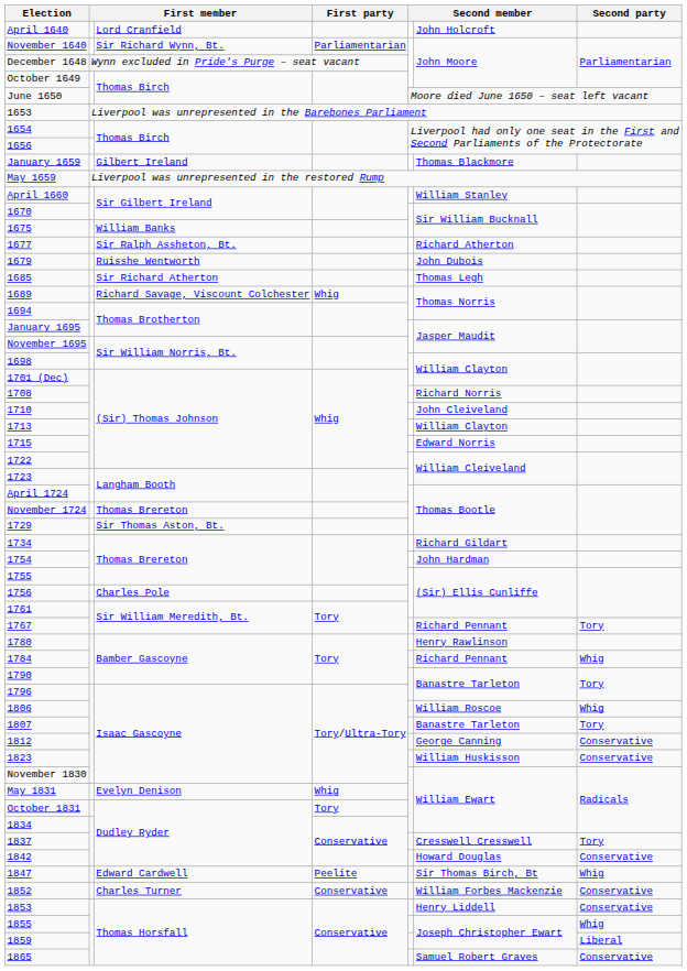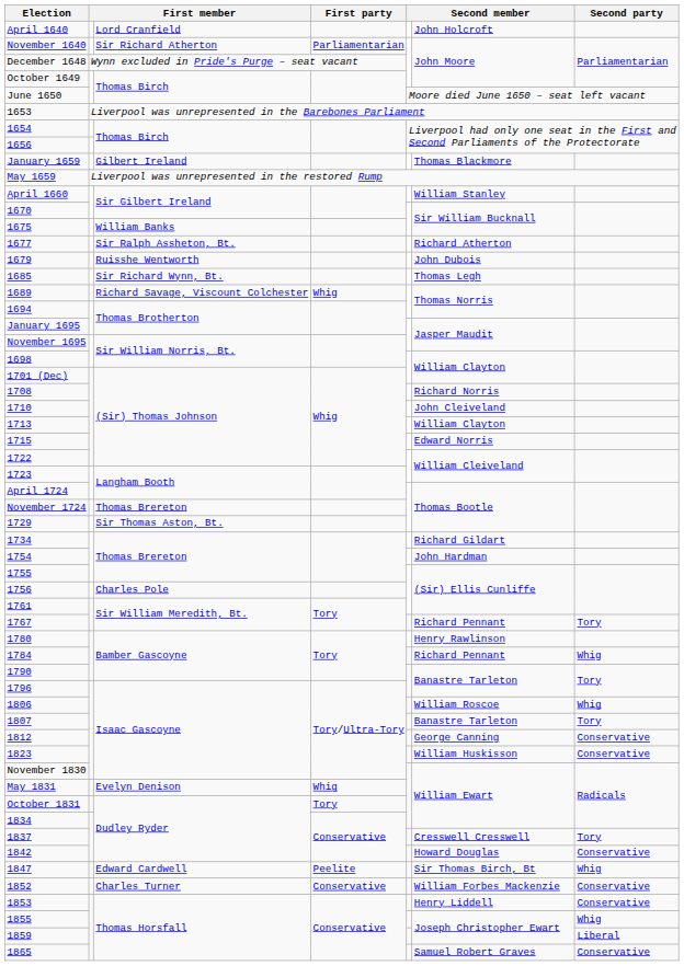 <table class="wikitable">
 <tr>
 <th>Election</th>
 <th colspan="2">First member</th>
 <th>First party</th>
 <th colspan="2">Second member</th>
 <th>Second party</th>
 </tr>
 <tr>
 <td><a href='#'>April 1640</a></td>
 <td style="color:inherit;background-color: white"></td>
 <td><a href='#'>Lord Cranfield</a></td>
 <td></td>
 <td style="color:inherit;background-color: white"></td>
 <td><a href='#'>John Holcroft</a></td>
 <td></td>
 </tr>
 <tr>
 <td><a href='#'>November 1640</a></td>
 <td style="color:inherit;background-color: white"></td>
-<td><a href='#'>Sir Richard Wynn, Bt.</a></td>
+<td><a href='#'>Sir Richard Atherton</a></td>
 <td><a href='#'>Parliamentarian</a></td>
 <td rowspan="3" style="color:inherit;background-color: white"></td>
 <td rowspan="3"><a href='#'>John Moore</a></td>
 <td rowspan="3"><a href='#'>Parliamentarian</a></td>
 </tr>
 <tr>
 <td>December 1648</td>
 <td colspan="3"><em>Wynn excluded in <a href='#'>Pride's Purge</a> – seat vacant</em></td>
 </tr>
 <tr>
 <td>October 1649</td>
 <td rowspan="2" style="color:inherit;background-color: white"></td>
 <td rowspan="2"><a href='#'>Thomas Birch</a></td>
 <td rowspan="2"></td>
 </tr>
 <tr>
 <td>June 1650</td>
 <td colspan="3"><em>Moore died June 1650 – seat left vacant</em></td>
 </tr>
 <tr>
 <td>1653</td>
 <td colspan="6"><em>Liverpool was unrepresented in the <a href='#'>Barebones Parliament</a></em></td>
 </tr>
 <tr>
 <td><a href='#'>1654</a></td>
 <td style="color:inherit;background-color: white"></td>
 <td rowspan="2"><a href='#'>Thomas Birch</a></td>
 <td rowspan="2"></td>
 <td rowspan="2" colspan="3"><em>Liverpool had only one seat in the <a href='#'>First</a> and <br><a href='#'>Second</a> Parliaments of the Protectorate</em></td>
 </tr>
 <tr>
 <td><a href='#'>1656</a></td>
 <td style="color:inherit;background-color: white"></td>
 </tr>
 <tr>
 <td><a href='#'>January 1659</a></td>
 <td style="color:inherit;background-color: white"></td>
 <td><a href='#'>Gilbert Ireland</a></td>
 <td></td>
 <td style="color:inherit;background-color: white"></td>
 <td><a href='#'>Thomas Blackmore</a></td>
 <td></td>
 </tr>
 <tr>
 <td><a href='#'>May 1659</a></td>
 <td colspan="6"><em>Liverpool was unrepresented in the restored <a href='#'>Rump</a></em></td>
 </tr>
 <tr>
 <td><a href='#'>April 1660</a></td>
 <td rowspan="2" style="color:inherit;background-color: white"></td>
 <td rowspan="2"><a href='#'>Sir Gilbert Ireland</a></td>
 <td rowspan="2"></td>
 <td style="color:inherit;background-color: white"></td>
 <td><a href='#'>William Stanley</a></td>
 <td></td>
 </tr>
 <tr>
 <td><a href='#'>1670</a></td>
 <td rowspan="2" style="color:inherit;background-color: white"></td>
 <td rowspan="2"><a href='#'>Sir William Bucknall</a></td>
 <td rowspan="2"></td>
 </tr>
 <tr>
 <td><a href='#'>1675</a></td>
 <td style="color:inherit;background-color: white"></td>
 <td><a href='#'>William Banks</a></td>
 <td></td>
 </tr>
 <tr>
 <td><a href='#'>1677</a></td>
 <td style="color:inherit;background-color: white"></td>
 <td><a href='#'>Sir Ralph Assheton, Bt.</a></td>
 <td></td>
 <td style="color:inherit;background-color: white"></td>
 <td><a href='#'>Richard Atherton</a></td>
 <td></td>
 </tr>
 <tr>
 <td><a href='#'>1679</a></td>
 <td style="color:inherit;background-color: white"></td>
 <td><a href='#'>Ruisshe Wentworth</a></td>
 <td></td>
 <td style="color:inherit;background-color: white"></td>
 <td><a href='#'>John Dubois</a></td>
 <td></td>
 </tr>
 <tr>
 <td><a href='#'>1685</a></td>
 <td style="color:inherit;background-color: white"></td>
-<td><a href='#'>Sir Richard Atherton</a></td>
+<td><a href='#'>Sir Richard Wynn, Bt.</a></td>
 <td></td>
 <td style="color:inherit;background-color: white"></td>
 <td><a href='#'>Thomas Legh</a></td>
 <td></td>
 </tr>
 <tr>
 <td><a href='#'>1689</a></td>
 <td style="color:inherit;background-color: "></td>
 <td><a href='#'>Richard Savage, Viscount Colchester</a></td>
 <td><a href='#'>Whig</a></td>
 <td rowspan="2" style="color:inherit;background-color: white"></td>
 <td rowspan="2"><a href='#'>Thomas Norris</a></td>
 <td rowspan="2"></td>
 </tr>
 <tr>
 <td><a href='#'>1694</a></td>
 <td rowspan="2" style="color:inherit;background-color: white"></td>
 <td rowspan="2"><a href='#'>Thomas Brotherton</a></td>
 <td rowspan="2"></td>
 </tr>
 <tr>
 <td><a href='#'>January 1695</a></td>
 <td rowspan="2" style="color:inherit;background-color: white"></td>
 <td rowspan="2"><a href='#'>Jasper Maudit</a></td>
 <td rowspan="2"></td>
 </tr>
 <tr>
 <td><a href='#'>November 1695</a></td>
 <td rowspan="2" style="color:inherit;background-color: white"></td>
 <td rowspan="2"><a href='#'>Sir William Norris, Bt.</a></td>
 <td rowspan="2"></td>
 </tr>
 <tr>
 <td><a href='#'>1698</a></td>
 <td rowspan="2" style="color:inherit;background-color: white"></td>
 <td rowspan="2"><a href='#'>William Clayton</a></td>
 <td rowspan="2"></td>
 </tr>
 <tr>
 <td><a href='#'>1701 (Dec)</a></td>
 <td rowspan="6" style="color:inherit;background-color: "></td>
 <td rowspan="6"><a href='#'>(Sir) Thomas Johnson</a></td>
 <td rowspan="6"><a href='#'>Whig</a></td>
 </tr>
 <tr>
 <td><a href='#'>1708</a></td>
 <td style="color:inherit;background-color: white"></td>
 <td><a href='#'>Richard Norris</a></td>
 <td></td>
 </tr>
 <tr>
 <td><a href='#'>1710</a></td>
 <td style="color:inherit;background-color: white"></td>
 <td><a href='#'>John Cleiveland</a></td>
 <td></td>
 </tr>
 <tr>
 <td><a href='#'>1713</a></td>
 <td style="color:inherit;background-color: white"></td>
 <td><a href='#'>William Clayton</a></td>
 <td></td>
 </tr>
 <tr>
 <td><a href='#'>1715</a></td>
 <td style="color:inherit;background-color: white"></td>
 <td><a href='#'>Edward Norris</a></td>
 <td></td>
 </tr>
 <tr>
 <td><a href='#'>1722</a></td>
 <td rowspan="2" style="color:inherit;background-color: white"></td>
 <td rowspan="2"><a href='#'>William Cleiveland</a></td>
 <td rowspan="2"></td>
 </tr>
 <tr>
 <td><a href='#'>1723</a></td>
 <td rowspan="2" style="color:inherit;background-color: white"></td>
 <td rowspan="2"><a href='#'>Langham Booth</a></td>
 <td rowspan="2"></td>
 </tr>
 <tr>
 <td><a href='#'>April 1724</a></td>
 <td rowspan="3" style="color:inherit;background-color: white"></td>
 <td rowspan="3"><a href='#'>Thomas Bootle</a></td>
 <td rowspan="3"></td>
 </tr>
 <tr>
 <td><a href='#'>November 1724</a></td>
 <td style="color:inherit;background-color: white"></td>
 <td><a href='#'>Thomas Brereton</a></td>
 <td></td>
 </tr>
 <tr>
 <td><a href='#'>1729</a></td>
 <td style="color:inherit;background-color: white"></td>
 <td><a href='#'>Sir Thomas Aston, Bt.</a></td>
 <td></td>
 </tr>
 <tr>
 <td><a href='#'>1734</a></td>
 <td rowspan="3" style="color:inherit;background-color: white"></td>
 <td rowspan="3"><a href='#'>Thomas Brereton</a></td>
 <td rowspan="3"></td>
 <td style="color:inherit;background-color: white"></td>
 <td><a href='#'>Richard Gildart</a></td>
 <td></td>
 </tr>
 <tr>
 <td><a href='#'>1754</a></td>
 <td style="color:inherit;background-color: white"></td>
 <td><a href='#'>John Hardman</a></td>
 <td></td>
 </tr>
 <tr>
 <td><a href='#'>1755</a></td>
 <td rowspan="3" style="color:inherit;background-color: white"></td>
 <td rowspan="3"><a href='#'>(Sir) Ellis Cunliffe</a></td>
 <td rowspan="3"></td>
 </tr>
 <tr>
 <td><a href='#'>1756</a></td>
 <td style="color:inherit;background-color: white"></td>
 <td><a href='#'>Charles Pole</a></td>
 <td></td>
 </tr>
 <tr>
 <td><a href='#'>1761</a></td>
 <td rowspan="2" style="color:inherit;background-color: "></td>
 <td rowspan="2"><a href='#'>Sir William Meredith, Bt.</a></td>
 <td rowspan="2"><a href='#'>Tory</a></td>
 </tr>
 <tr>
 <td><a href='#'>1767</a></td>
 <td style="color:inherit;background-color: "></td>
 <td><a href='#'>Richard Pennant</a></td>
 <td><a href='#'>Tory</a></td>
 </tr>
 <tr>
 <td><a href='#'>1780</a></td>
 <td rowspan="3" style="color:inherit;background-color: "></td>
 <td rowspan="3"><a href='#'>Bamber Gascoyne</a></td>
 <td rowspan="3"><a href='#'>Tory</a></td>
 <td style="color:inherit;background-color: white"></td>
 <td><a href='#'>Henry Rawlinson</a></td>
 <td></td>
 </tr>
 <tr>
 <td><a href='#'>1784</a></td>
 <td style="color:inherit;background-color: "></td>
 <td><a href='#'>Richard Pennant</a></td>
 <td><a href='#'>Whig</a></td>
 </tr>
 <tr>
 <td><a href='#'>1790</a></td>
 <td rowspan="2" style="color:inherit;background-color: "></td>
 <td rowspan="2"><a href='#'>Banastre Tarleton</a></td>
 <td rowspan="2"><a href='#'>Tory</a></td>
 </tr>
 <tr>
 <td><a href='#'>1796</a></td>
 <td rowspan="6" style="color:inherit;background-color: "></td>
 <td rowspan="6"><a href='#'>Isaac Gascoyne</a></td>
 <td rowspan="6"><a href='#'>Tory</a>/<a href='#'>Ultra-Tory</a></td>
 </tr>
 <tr>
 <td><a href='#'>1806</a></td>
 <td style="color:inherit;background-color: "></td>
 <td><a href='#'>William Roscoe</a></td>
 <td><a href='#'>Whig</a></td>
 </tr>
 <tr>
 <td><a href='#'>1807</a></td>
 <td style="color:inherit;background-color: "></td>
 <td><a href='#'>Banastre Tarleton</a></td>
 <td><a href='#'>Tory</a></td>
 </tr>
 <tr>
 <td><a href='#'>1812</a></td>
 <td style="color:inherit;background-color: "></td>
 <td><a href='#'>George Canning</a></td>
 <td><a href='#'>Conservative</a></td>
 </tr>
 <tr>
 <td><a href='#'>1823</a></td>
 <td style="color:inherit;background-color: "></td>
 <td><a href='#'>William Huskisson</a></td>
 <td><a href='#'>Conservative</a></td>
 </tr>
 <tr>
 <td>November 1830</td>
 <td rowspan="4" style="color:inherit;background-color: "></td>
 <td rowspan="4"><a href='#'>William Ewart</a></td>
 <td rowspan="4"><a href='#'>Radicals</a></td>
 </tr>
 <tr>
 <td><a href='#'>May 1831</a></td>
 <td style="color:inherit;background-color: "></td>
 <td><a href='#'>Evelyn Denison</a></td>
 <td><a href='#'>Whig</a></td>
 </tr>
 <tr>
 <td><a href='#'>October 1831</a></td>
 <td style="color:inherit;background-color: "></td>
 <td rowspan="4"><a href='#'>Dudley Ryder</a></td>
 <td><a href='#'>Tory</a></td>
 </tr>
 <tr>
 <td><a href='#'>1834</a></td>
 <td rowspan="3" style="color:inherit;background-color: "></td>
 <td rowspan="3"><a href='#'>Conservative</a></td>
 </tr>
 <tr>
 <td><a href='#'>1837</a></td>
 <td style="color:inherit;background-color: "></td>
 <td><a href='#'>Cresswell Cresswell</a></td>
 <td><a href='#'>Tory</a></td>
 </tr>
 <tr>
 <td><a href='#'>1842</a></td>
 <td style="color:inherit;background-color: "></td>
 <td><a href='#'>Howard Douglas</a></td>
 <td><a href='#'>Conservative</a></td>
 </tr>
 <tr>
 <td><a href='#'>1847</a></td>
 <td style="color:inherit;background-color: "></td>
 <td><a href='#'>Edward Cardwell</a></td>
 <td><a href='#'>Peelite</a></td>
 <td style="color:inherit;background-color: "></td>
 <td><a href='#'>Sir Thomas Birch, Bt</a></td>
 <td><a href='#'>Whig</a></td>
 </tr>
 <tr>
 <td><a href='#'>1852</a></td>
 <td style="color:inherit;background-color: "></td>
 <td><a href='#'>Charles Turner</a></td>
 <td><a href='#'>Conservative</a></td>
 <td style="color:inherit;background-color: "></td>
 <td><a href='#'>William Forbes Mackenzie</a></td>
 <td><a href='#'>Conservative</a></td>
 </tr>
 <tr>
 <td><a href='#'>1853</a></td>
 <td rowspan="4" style="color:inherit;background-color: "></td>
 <td rowspan="4"><a href='#'>Thomas Horsfall</a></td>
 <td rowspan="4"><a href='#'>Conservative</a></td>
 <td style="color:inherit;background-color: "></td>
 <td><a href='#'>Henry Liddell</a></td>
 <td><a href='#'>Conservative</a></td>
 </tr>
 <tr>
 <td><a href='#'>1855</a></td>
 <td style="color:inherit;background-color: "></td>
 <td rowspan="2"><a href='#'>Joseph Christopher Ewart</a></td>
 <td><a href='#'>Whig</a></td>
 </tr>
 <tr>
 <td><a href='#'>1859</a></td>
 <td style="color:inherit;background-color: "></td>
 <td><a href='#'>Liberal</a></td>
 </tr>
 <tr>
 <td><a href='#'>1865</a></td>
 <td style="color:inherit;background-color: "></td>
 <td><a href='#'>Samuel Robert Graves</a></td>
 <td><a href='#'>Conservative</a></td>
 </tr>
 </table>
